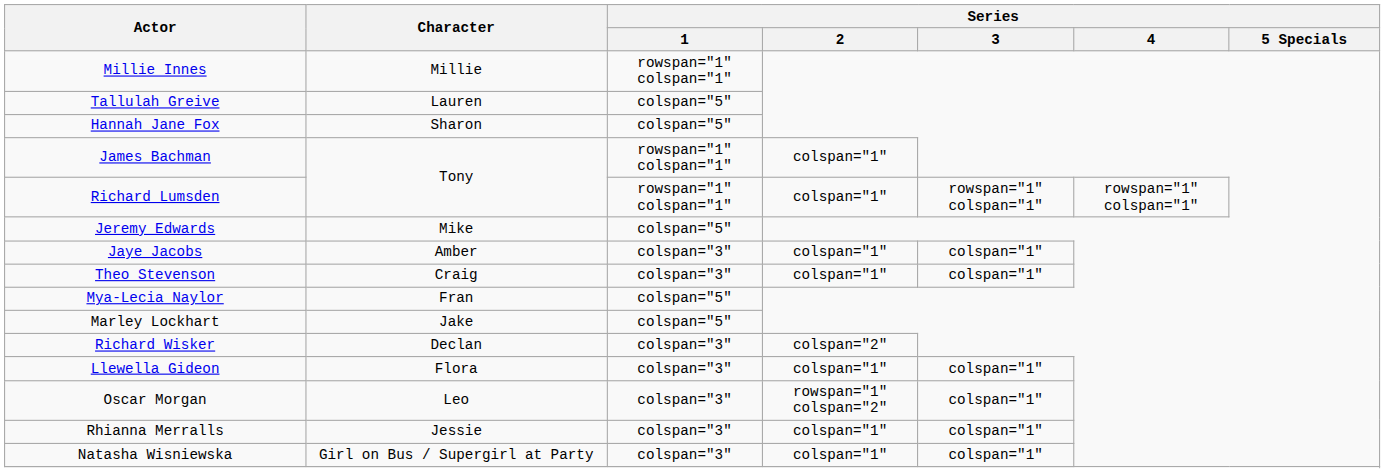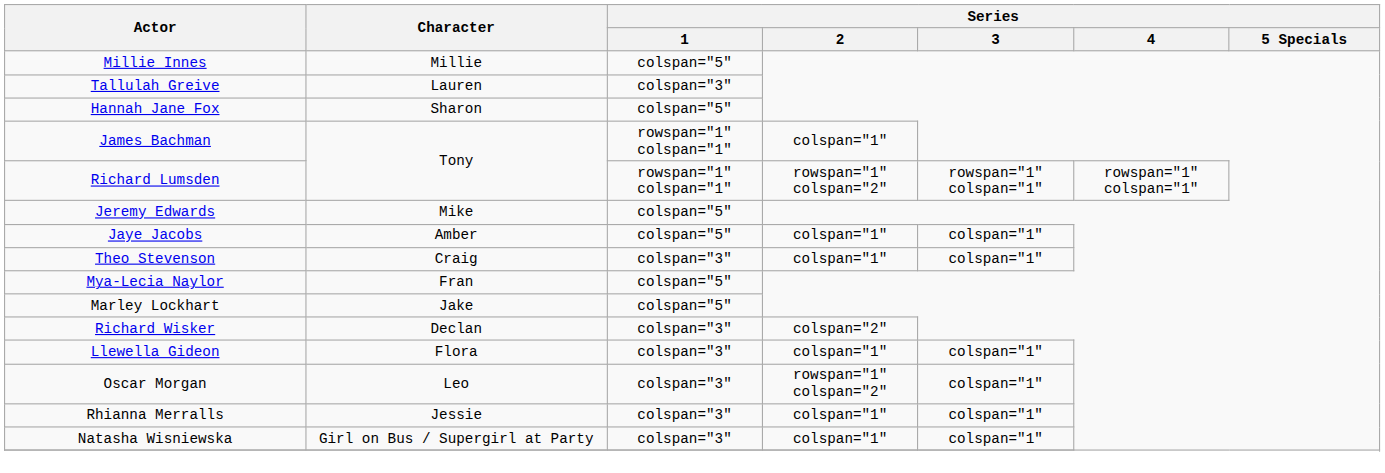 <table class="wikitable plainrowheaders" style="text-align:center">
 <tr>
 <th rowspan="2" width="14%" scope="col">Actor</th>
 <th rowspan="2" width="14%" scope="col">Character</th>
 <th colspan="5">Series</th>
 </tr>
 <tr>
 <th width="7%" scope="col">1</th>
 <th width="7%" scope="col">2</th>
 <th width="7%" scope="col">3</th>
 <th width="7%" scope="col">4</th>
 <th width="7%" scope="col">5 Specials</th>
 </tr>
 <tr>
 <td><a href='#'>Millie Innes</a></td>
 <td>Millie</td>
-<td>rowspan="1" colspan="1" </td>
+<td>colspan="5" </td>
 </tr>
 <tr>
 <td><a href='#'>Tallulah Greive</a></td>
 <td>Lauren</td>
-<td>colspan="5" </td>
+<td>colspan="3" </td>
 </tr>
 <tr>
 <td><a href='#'>Hannah Jane Fox</a></td>
 <td>Sharon</td>
 <td>colspan="5" </td>
 </tr>
 <tr>
 <td><a href='#'>James Bachman</a></td>
 <td rowspan="2">Tony</td>
 <td>rowspan="1" colspan="1" </td>
 <td>colspan="1" </td>
 </tr>
 <tr>
 <td><a href='#'>Richard Lumsden</a></td>
 <td>rowspan="1" colspan="1" </td>
-<td>colspan="1" </td>
+<td>rowspan="1" colspan="2" </td>
 <td>rowspan="1" colspan="1" </td>
 <td>rowspan="1" colspan="1" </td>
 </tr>
 <tr>
 <td><a href='#'>Jeremy Edwards</a></td>
 <td>Mike</td>
 <td>colspan="5" </td>
 </tr>
 <tr>
 <td><a href='#'>Jaye Jacobs</a></td>
 <td>Amber</td>
-<td>colspan="3" </td>
+<td>colspan="5" </td>
 <td>colspan="1" </td>
 <td>colspan="1" </td>
 </tr>
 <tr>
 <td><a href='#'>Theo Stevenson</a></td>
 <td>Craig</td>
 <td>colspan="3" </td>
 <td>colspan="1" </td>
 <td>colspan="1" </td>
 </tr>
 <tr>
 <td><a href='#'>Mya-Lecia Naylor</a></td>
 <td>Fran</td>
 <td>colspan="5" </td>
 </tr>
 <tr>
 <td>Marley Lockhart</td>
 <td>Jake</td>
 <td>colspan="5" </td>
 </tr>
 <tr>
 <td><a href='#'>Richard Wisker</a></td>
 <td>Declan</td>
 <td>colspan="3" </td>
 <td>colspan="2" </td>
 </tr>
 <tr>
 <td><a href='#'>Llewella Gideon</a></td>
 <td>Flora</td>
 <td>colspan="3" </td>
 <td>colspan="1" </td>
 <td>colspan="1" </td>
 </tr>
 <tr>
 <td>Oscar Morgan</td>
 <td>Leo</td>
 <td>colspan="3" </td>
 <td>rowspan="1" colspan="2" </td>
 <td>colspan="1" </td>
 </tr>
 <tr>
 <td>Rhianna Merralls</td>
 <td>Jessie</td>
 <td>colspan="3" </td>
 <td>colspan="1" </td>
 <td>colspan="1" </td>
 </tr>
 <tr>
 <td>Natasha Wisniewska</td>
 <td>Girl on Bus / Supergirl at Party</td>
 <td>colspan="3" </td>
 <td>colspan="1" </td>
 <td>colspan="1" </td>
 </tr>
 <tr>
 </tr>
 </table>
